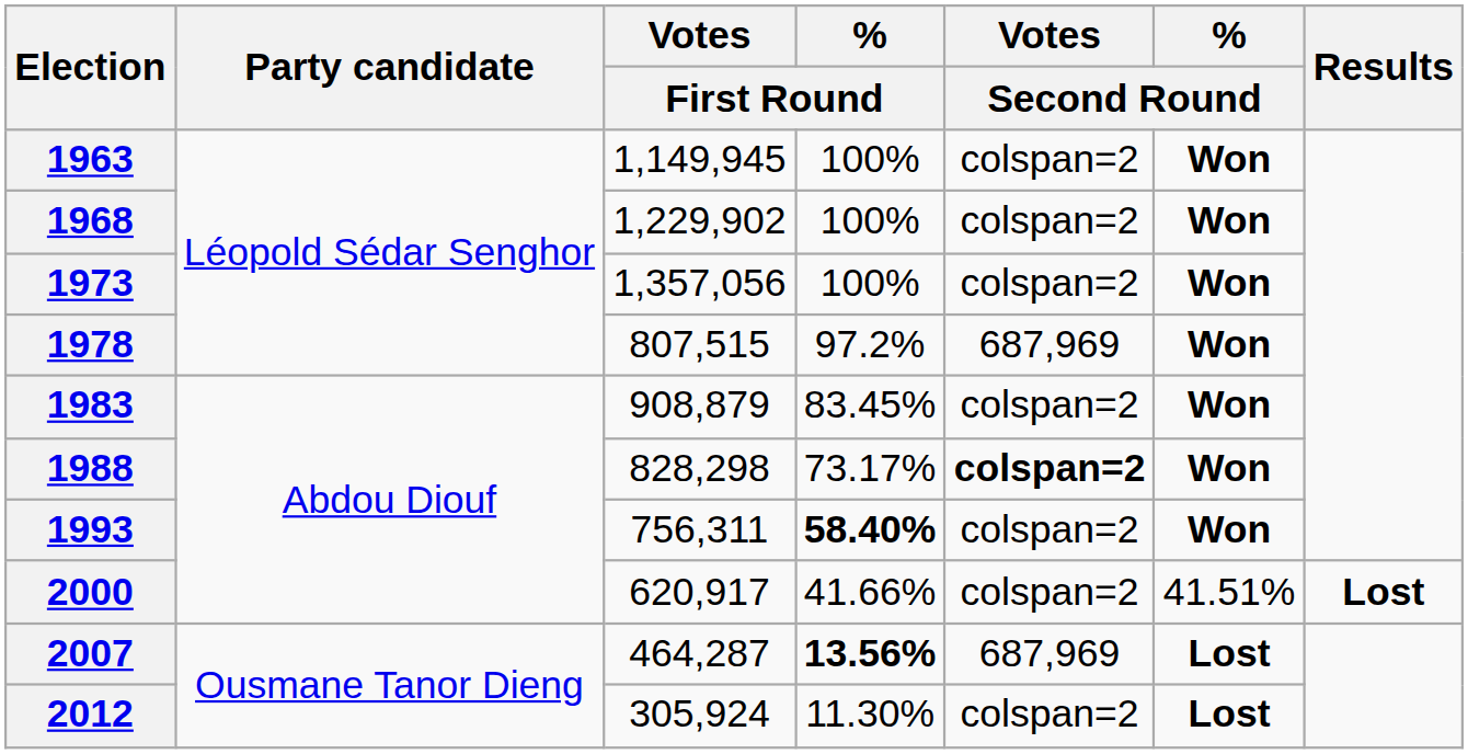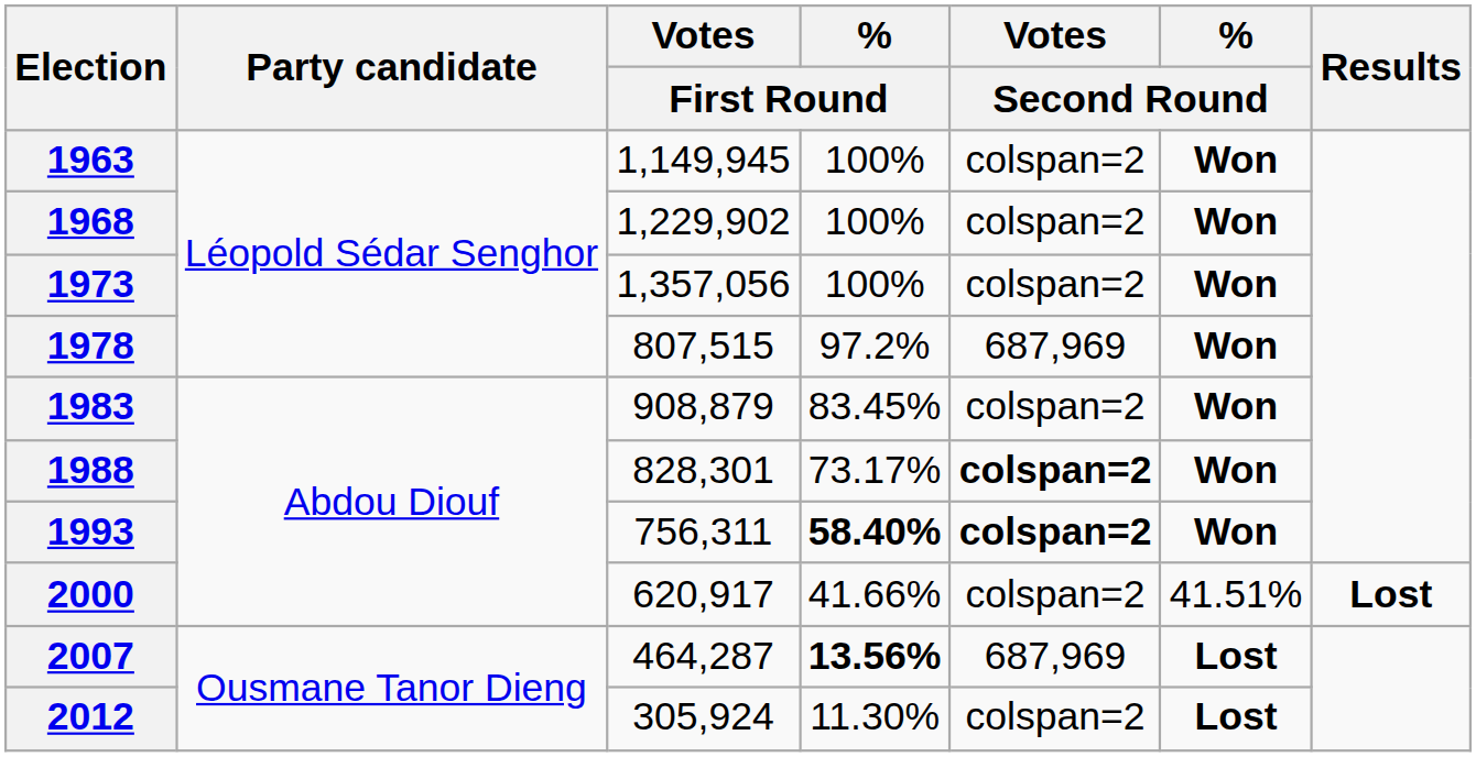 <table class=wikitable style=text-align:center>
 <tr>
 <th rowspan="2"><strong>Election</strong></th>
 <th rowspan="2">Party candidate</th>
 <th><strong>Votes</strong></th>
 <th><strong>%</strong></th>
 <th><strong>Votes</strong></th>
 <th><strong>%</strong></th>
 <th rowspan="2">Results</th>
 </tr>
 <tr>
 <th colspan="2">First Round</th>
 <th colspan="2">Second Round</th>
 </tr>
 <tr>
 <th><a href='#'>1963</a></th>
 <td rowspan="4"><a href='#'>Léopold Sédar Senghor</a></td>
 <td>1,149,945</td>
 <td>100%</td>
 <td>colspan=2 </td>
 <td><strong>Won</strong> </td>
 </tr>
 <tr>
 <th><a href='#'>1968</a></th>
 <td>1,229,902</td>
 <td>100%</td>
 <td>colspan=2 </td>
 <td><strong>Won</strong> </td>
 </tr>
 <tr>
 <th><a href='#'>1973</a></th>
 <td>1,357,056</td>
 <td>100%</td>
 <td>colspan=2 </td>
 <td><strong>Won</strong> </td>
 </tr>
 <tr>
 <th><a href='#'>1978</a></th>
 <td>807,515</td>
 <td>97.2%</td>
 <td>687,969</td>
 <td><strong>Won</strong> </td>
 </tr>
 <tr>
 <th><a href='#'>1983</a></th>
 <td rowspan="4"><a href='#'>Abdou Diouf</a></td>
 <td>908,879</td>
 <td>83.45%</td>
 <td>colspan=2 </td>
 <td><strong>Won</strong> </td>
 </tr>
 <tr>
 <th><a href='#'>1988</a></th>
-<td>828,298</td>
+<td>828,301</td>
 <td>73.17%</td>
 <td><strong>colspan=2 </strong></td>
 <td><strong>Won</strong> </td>
 </tr>
 <tr>
 <th><a href='#'>1993</a></th>
 <td>756,311</td>
 <td><strong>58.40%</strong></td>
-<td>colspan=2 </td>
+<td><strong>colspan=2 </strong></td>
 <td><strong>Won</strong> </td>
 </tr>
 <tr>
 <th><a href='#'>2000</a></th>
 <td>620,917</td>
 <td>41.66%</td>
 <td>colspan=2 </td>
 <td>41.51%</td>
 <td><strong>Lost</strong> </td>
 </tr>
 <tr>
 <th><a href='#'>2007</a></th>
 <td rowspan="2"><a href='#'>Ousmane Tanor Dieng</a></td>
 <td>464,287</td>
 <td><strong>13.56%</strong></td>
 <td>687,969</td>
 <td><strong>Lost</strong> </td>
 </tr>
 <tr>
 <th><a href='#'>2012</a></th>
 <td>305,924</td>
 <td>11.30%</td>
 <td>colspan=2 </td>
 <td><strong>Lost</strong> </td>
 </tr>
 </table>
